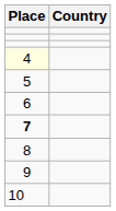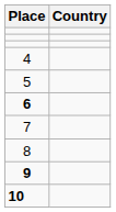 <table class="wikitable" style="font-size:95%;">
 <tr>
 <th>Place</th>
 <th>Country</th>
 </tr>
 <tr>
 <td align=center></td>
 <td></td>
 </tr>
 <tr>
 <td align=center></td>
 <td></td>
 </tr>
 <tr>
 <td align=center></td>
 <td></td>
 </tr>
 <tr>
-<td align=center style="background: lightyellow;">4</td>
+<td align=center>4</td>
 <td></td>
 </tr>
 <tr>
 <td align=center>5</td>
 <td></td>
 </tr>
 <tr>
-<td align=center>6</td>
+<td align=center><strong>6</strong></td>
 <td></td>
 </tr>
 <tr>
-<td align=center><strong>7</strong></td>
+<td align=center>7</td>
 <td></td>
 </tr>
 <tr>
 <td align=center>8</td>
 <td></td>
 </tr>
 <tr>
-<td align=center>9</td>
+<td align=center><strong>9</strong></td>
 <td></td>
 </tr>
 <tr>
-<td>10</td>
+<td><strong>10</strong></td>
 <td></td>
 </tr>
 </table>
